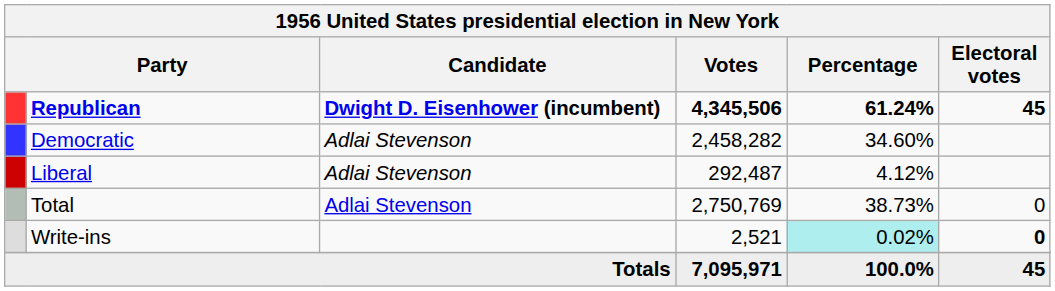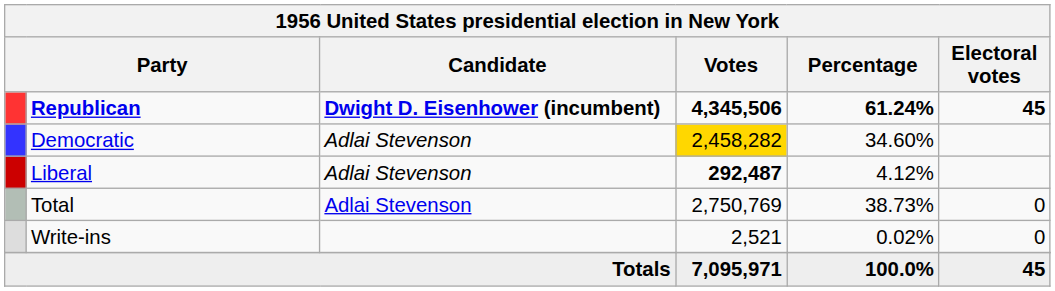 <table class="wikitable" style="font-size: 95%;">
 <tr>
 <th colspan="6">1956 United States presidential election in New York</th>
 </tr>
 <tr>
 <th colspan="2" style="width: 15em">Party</th>
 <th style="width: 17em">Candidate</th>
 <th style="width: 5em">Votes</th>
 <th style="width: 7em">Percentage</th>
 <th style="width: 5em">Electoral votes</th>
 </tr>
 <tr>
 <th style="background-color:#FF3333; width: 3px"></th>
 <td style="width: 130px"><strong><a href='#'>Republican</a></strong></td>
 <td><strong><a href='#'>Dwight D. Eisenhower</a> (incumbent)</strong></td>
 <td align="right"><strong>4,345,506</strong></td>
 <td align="right"><strong>61.24%</strong></td>
 <td align="right"><strong>45</strong></td>
 </tr>
 <tr>
 <th style="background-color:#3333FF; width: 3px"></th>
 <td style="width: 130px"><a href='#'>Democratic</a></td>
 <td><em>Adlai Stevenson</em></td>
-<td align="right">2,458,282</td>
+<td align="right" style="background: gold;">2,458,282</td>
 <td align="right">34.60%</td>
 <td align="right"></td>
 </tr>
 <tr>
 <th style="background-color:#CC0000; width: 3px"></th>
 <td style="width: 130px"><a href='#'>Liberal</a></td>
 <td><em>Adlai Stevenson</em></td>
-<td align="right">292,487</td>
+<td align="right"><strong>292,487</strong></td>
 <td align="right">4.12%</td>
 <td align="right"></td>
 </tr>
 <tr>
 <th style="background-color:#B2BEB5; width: 3px"></th>
 <td style="width: 130px">Total</td>
 <td><a href='#'>Adlai Stevenson</a></td>
 <td align="right">2,750,769</td>
 <td align="right">38.73%</td>
 <td align="right">0</td>
 </tr>
 <tr>
 <th style="background-color:#DDDDDD; width: 3px"></th>
 <td style="width: 130px">Write-ins</td>
 <td></td>
 <td align="right">2,521</td>
-<td align="right" style="background: paleturquoise;">0.02%</td>
-<td align="right"><strong>0</strong></td>
+<td align="right">0.02%</td>
+<td align="right">0</td>
 </tr>
 <tr>
 </tr>
 <tr bgcolor="#EEEEEE">
 <td colspan="3" align="right"><strong>Totals</strong></td>
 <td align="right"><strong>7,095,971</strong></td>
 <td align="right"><strong>100.0%</strong></td>
 <td align="right"><strong>45</strong></td>
 </tr>
 </table>
